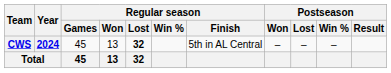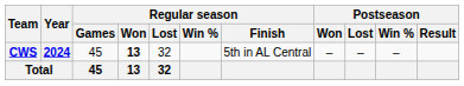 <table class="wikitable" style="font-size: 95%; text-align:center;">
 <tr>
 <th rowspan="2">Team</th>
 <th rowspan="2">Year</th>
 <th colspan="5">Regular season</th>
 <th colspan="4">Postseason</th>
 </tr>
 <tr>
 <th>Games</th>
 <th>Won</th>
 <th>Lost</th>
 <th>Win %</th>
 <th>Finish</th>
 <th>Won</th>
 <th>Lost</th>
 <th>Win %</th>
 <th>Result</th>
 </tr>
 <tr>
 <th><a href='#'>CWS</a></th>
 <th><a href='#'>2024</a></th>
 <td>45</td>
-<td>13</td>
-<td><strong>32</strong></td>
+<td><strong>13</strong></td>
+<td>32</td>
 <td></td>
 <td>5th in AL Central</td>
 <td>–</td>
 <td>–</td>
 <td>–</td>
 <td></td>
 </tr>
 <tr>
 <th colspan="2">Total</th>
 <th>45</th>
 <th>13</th>
 <th>32</th>
 <th></th>
 <th></th>
 <th></th>
 <th></th>
 <th></th>
 <th></th>
 </tr>
 </table>
